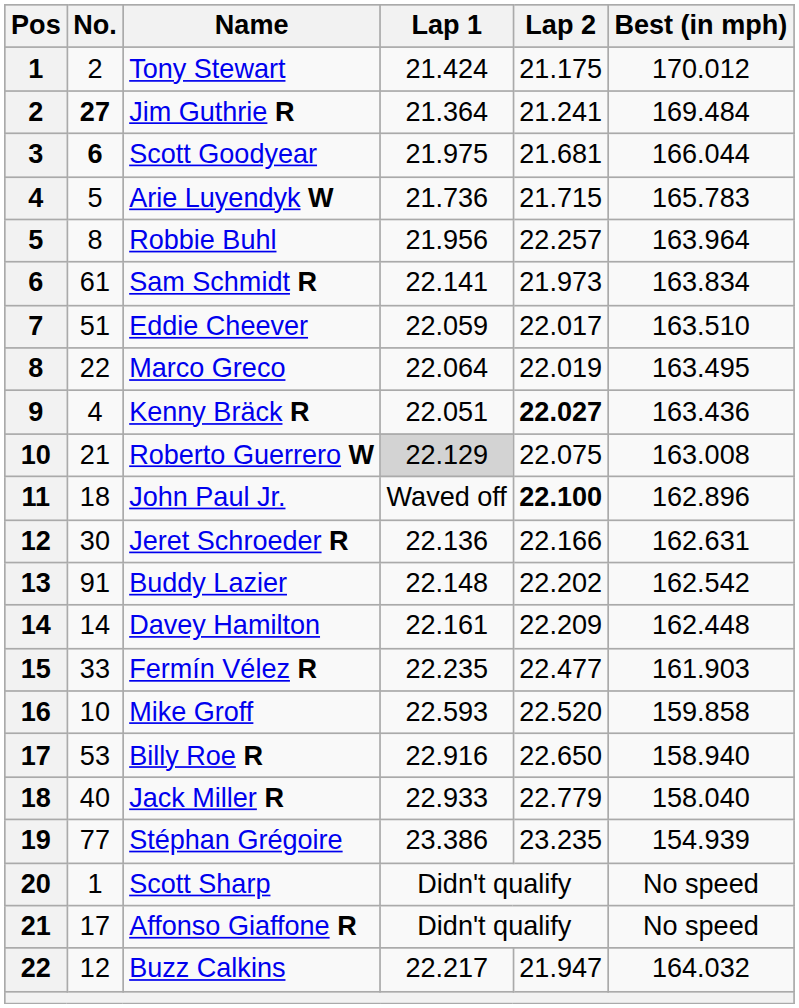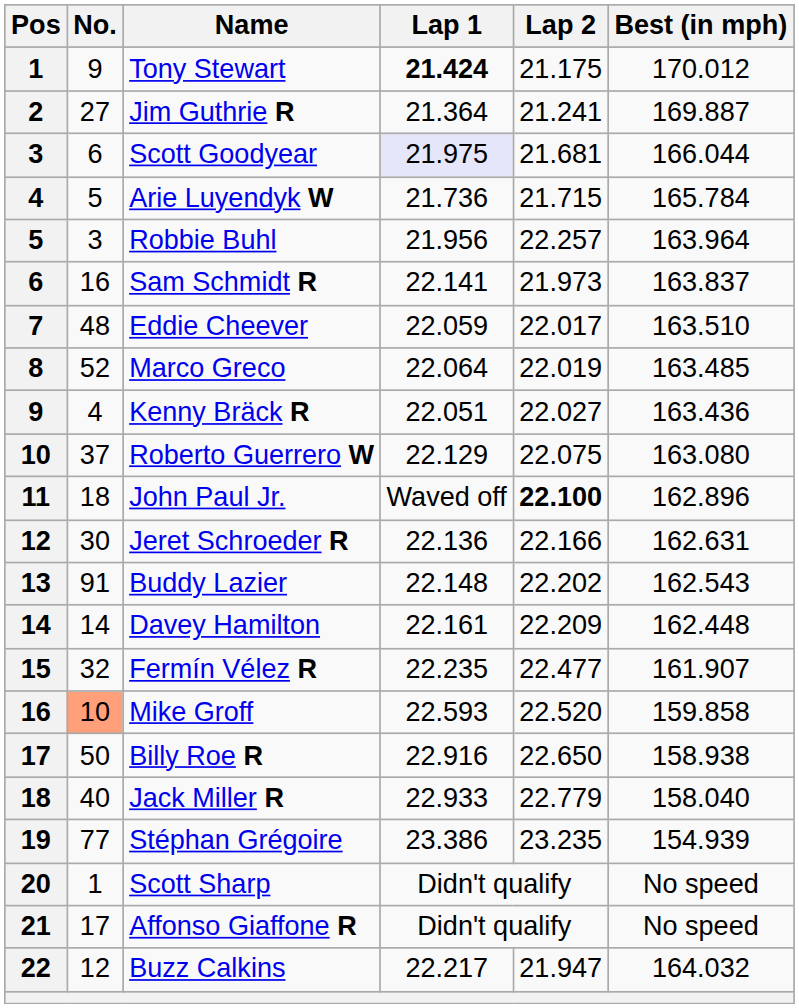 <table class="wikitable sortable" " style="fontsize:95%">
 <tr>
 <th>Pos</th>
 <th>No.</th>
 <th>Name</th>
 <th>Lap 1</th>
 <th>Lap 2</th>
 <th>Best (in mph)</th>
 </tr>
 <tr>
 <th scope="row">1</th>
-<td align=center>2</td>
+<td align=center>9</td>
 <td> <a href='#'>Tony Stewart</a></td>
-<td align="center">21.424</td>
+<td align="center"><strong>21.424</strong></td>
 <td align="center">21.175</td>
 <td align="center">170.012</td>
 </tr>
 <tr>
 <th scope="row">2</th>
-<td align=center><strong>27</strong></td>
+<td align=center>27</td>
 <td> <a href='#'>Jim Guthrie</a> <strong><span>R</span></strong></td>
 <td align="center">21.364</td>
 <td align="center">21.241</td>
-<td align="center">169.484</td>
+<td align="center">169.887</td>
 </tr>
 <tr>
 <th scope="row">3</th>
-<td align=center><strong>6</strong></td>
+<td align=center>6</td>
 <td> <a href='#'>Scott Goodyear</a></td>
-<td align="center">21.975</td>
+<td align="center" style="background: lavender;">21.975</td>
 <td align="center">21.681</td>
 <td align="center">166.044</td>
 </tr>
 <tr>
 <th scope="row">4</th>
 <td align=center>5</td>
 <td> <a href='#'>Arie Luyendyk</a> <strong><span>W</span></strong></td>
 <td align="center">21.736</td>
 <td align="center">21.715</td>
-<td align="center">165.783</td>
+<td align="center">165.784</td>
 </tr>
 <tr>
 <th scope="row">5</th>
-<td align=center>8</td>
+<td align=center>3</td>
 <td> <a href='#'>Robbie Buhl</a></td>
 <td align="center">21.956</td>
 <td align="center">22.257</td>
 <td align="center">163.964</td>
 </tr>
 <tr>
 <th scope="row">6</th>
-<td align=center>61</td>
+<td align=center>16</td>
 <td> <a href='#'>Sam Schmidt</a> <strong><span>R</span></strong></td>
 <td align="center">22.141</td>
 <td align="center">21.973</td>
-<td align="center">163.834</td>
+<td align="center">163.837</td>
 </tr>
 <tr>
 <th scope="row">7</th>
-<td align=center>51</td>
+<td align=center>48</td>
 <td> <a href='#'>Eddie Cheever</a></td>
 <td align="center">22.059</td>
 <td align="center">22.017</td>
 <td align="center">163.510</td>
 </tr>
 <tr>
 <th scope="row">8</th>
-<td align=center>22</td>
+<td align=center>52</td>
 <td> <a href='#'>Marco Greco</a></td>
 <td align="center">22.064</td>
 <td align="center">22.019</td>
-<td align="center">163.495</td>
+<td align="center">163.485</td>
 </tr>
 <tr>
 <th scope="row">9</th>
 <td align=center>4</td>
 <td> <a href='#'>Kenny Bräck</a> <strong><span>R</span></strong></td>
 <td align="center">22.051</td>
-<td align="center"><strong>22.027</strong></td>
+<td align="center">22.027</td>
 <td align="center">163.436</td>
 </tr>
 <tr>
 <th scope="row">10</th>
-<td align=center>21</td>
+<td align=center>37</td>
 <td> <a href='#'>Roberto Guerrero</a> <strong><span>W</span></strong></td>
-<td align="center" style="background: lightgrey;">22.129</td>
+<td align="center">22.129</td>
 <td align="center">22.075</td>
-<td align="center">163.008</td>
+<td align="center">163.080</td>
 </tr>
 <tr>
 <th scope="row">11</th>
 <td align=center>18</td>
 <td> <a href='#'>John Paul Jr.</a></td>
 <td align="center">Waved off</td>
 <td align="center"><strong>22.100</strong></td>
 <td align="center">162.896</td>
 </tr>
 <tr>
 <th scope="row">12</th>
 <td align=center>30</td>
 <td> <a href='#'>Jeret Schroeder</a> <strong><span>R</span></strong></td>
 <td align="center">22.136</td>
 <td align="center">22.166</td>
 <td align="center">162.631</td>
 </tr>
 <tr>
 <th scope="row">13</th>
 <td align=center>91</td>
 <td> <a href='#'>Buddy Lazier</a></td>
 <td align="center">22.148</td>
 <td align="center">22.202</td>
-<td align="center">162.542</td>
+<td align="center">162.543</td>
 </tr>
 <tr>
 <th scope="row">14</th>
 <td align=center>14</td>
 <td> <a href='#'>Davey Hamilton</a></td>
 <td align="center">22.161</td>
 <td align="center">22.209</td>
 <td align="center">162.448</td>
 </tr>
 <tr>
 <th scope="row">15</th>
-<td align=center>33</td>
+<td align=center>32</td>
 <td> <a href='#'>Fermín Vélez</a> <strong><span>R</span></strong></td>
 <td align="center">22.235</td>
 <td align="center">22.477</td>
-<td align="center">161.903</td>
+<td align="center">161.907</td>
 </tr>
 <tr>
 <th scope="row">16</th>
-<td align=center>10</td>
+<td align=center style="background: lightsalmon;">10</td>
 <td> <a href='#'>Mike Groff</a></td>
 <td align="center">22.593</td>
 <td align="center">22.520</td>
 <td align="center">159.858</td>
 </tr>
 <tr>
 <th scope="row">17</th>
-<td align=center>53</td>
+<td align=center>50</td>
 <td> <a href='#'>Billy Roe</a> <strong><span>R</span></strong></td>
 <td align="center">22.916</td>
 <td align="center">22.650</td>
-<td align="center">158.940</td>
+<td align="center">158.938</td>
 </tr>
 <tr>
 <th scope="row">18</th>
 <td align=center>40</td>
 <td> <a href='#'>Jack Miller</a> <strong><span>R</span></strong></td>
 <td align="center">22.933</td>
 <td align="center">22.779</td>
 <td align="center">158.040</td>
 </tr>
 <tr>
 <th scope="row">19</th>
 <td align=center>77</td>
 <td> <a href='#'>Stéphan Grégoire</a></td>
 <td align="center">23.386</td>
 <td align="center">23.235</td>
 <td align="center">154.939</td>
 </tr>
 <tr>
 <th scope="row">20</th>
 <td align=center>1</td>
 <td> <a href='#'>Scott Sharp</a></td>
 <td colspan=2 align="center">Didn't qualify</td>
 <td align="center">No speed</td>
 </tr>
 <tr>
 <th scope="row">21</th>
 <td align=center>17</td>
 <td> <a href='#'>Affonso Giaffone</a> <strong><span>R</span></strong></td>
 <td colspan=2 align="center">Didn't qualify</td>
 <td align="center">No speed</td>
 </tr>
 <tr>
 <th scope="row">22</th>
 <td align=center>12</td>
 <td> <a href='#'>Buzz Calkins</a></td>
 <td align="center">22.217</td>
 <td align="center">21.947</td>
 <td align="center">164.032</td>
 </tr>
 <tr>
 <th colspan="9"></th>
 </tr>
 </table>
